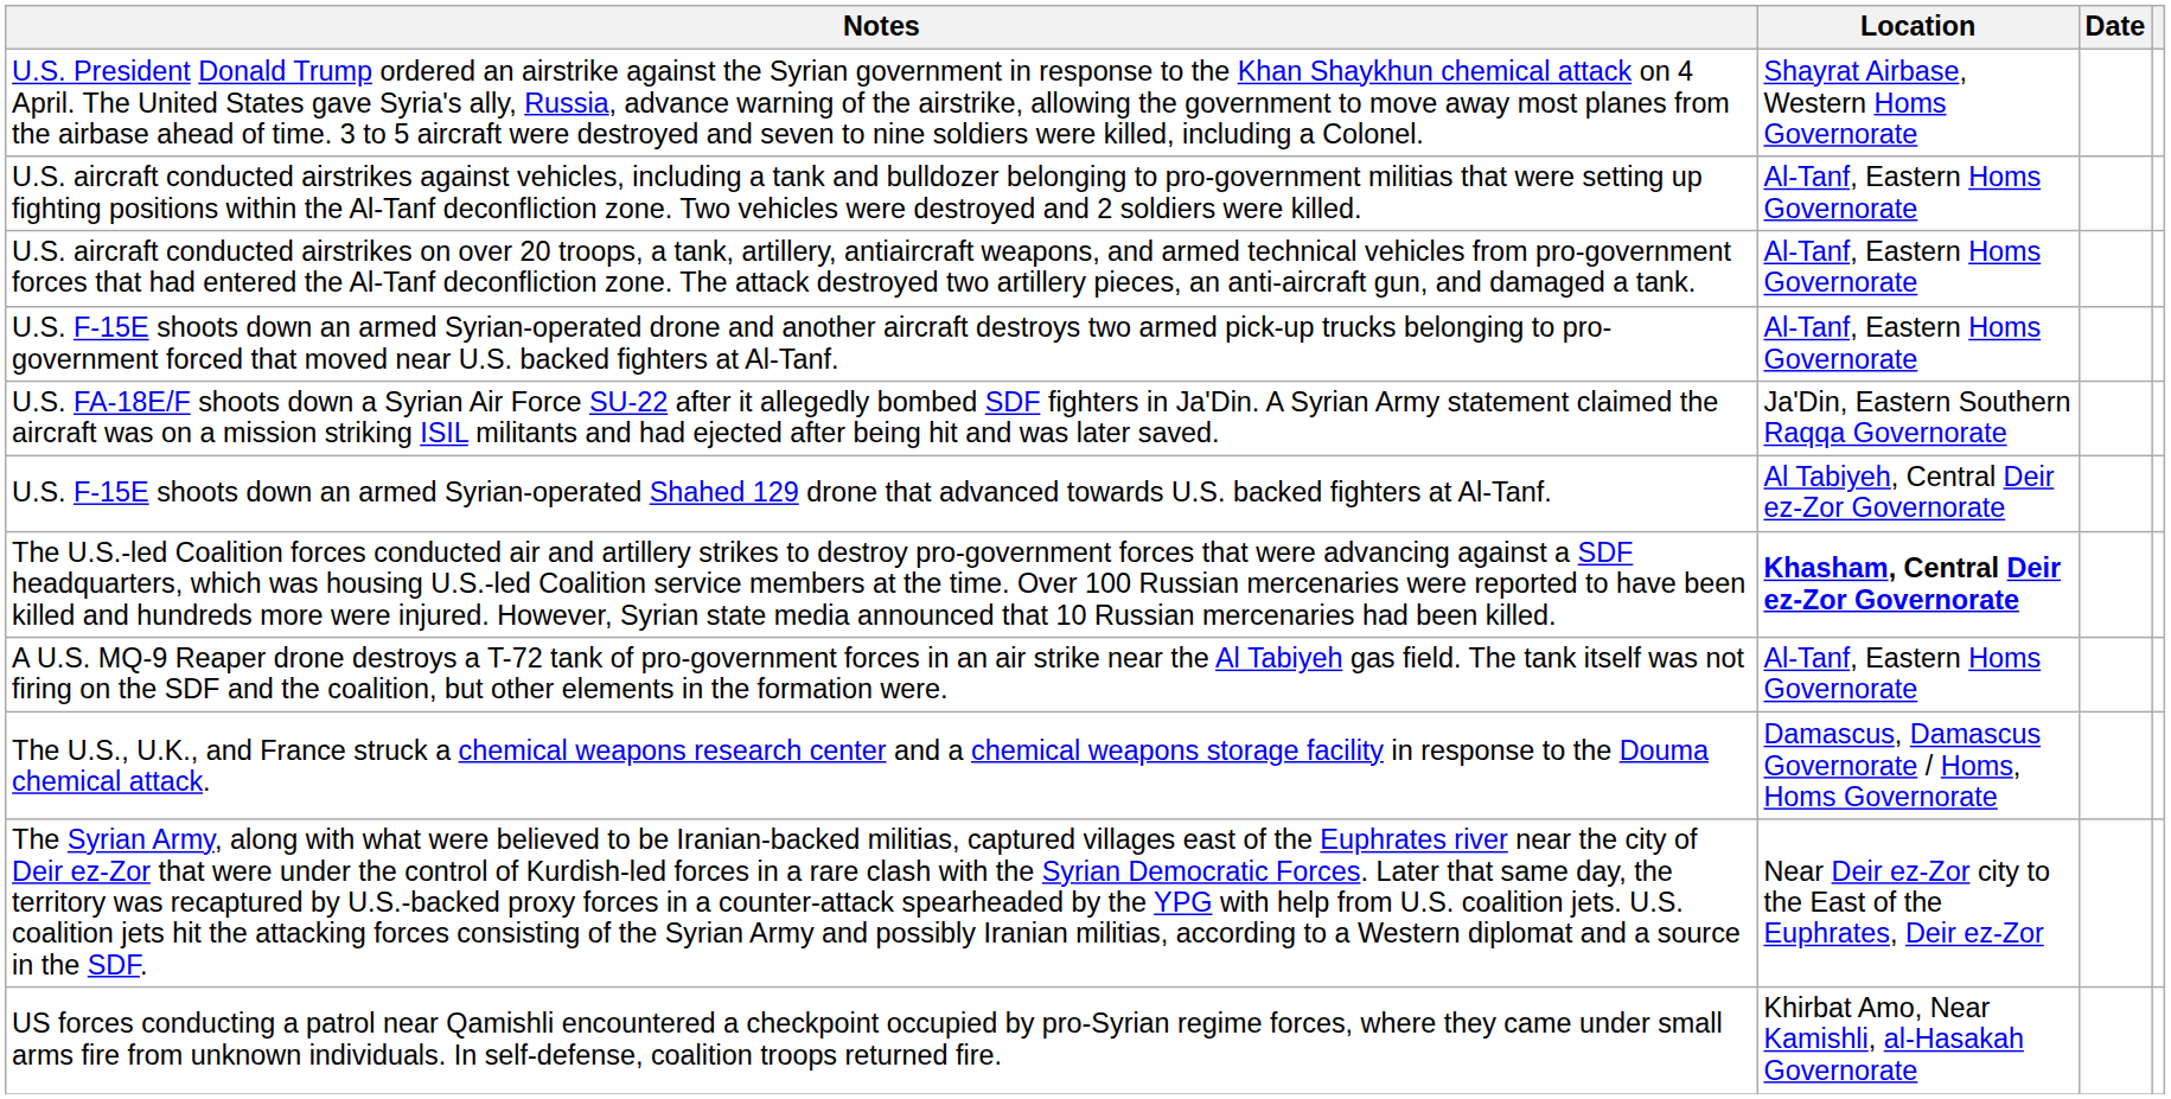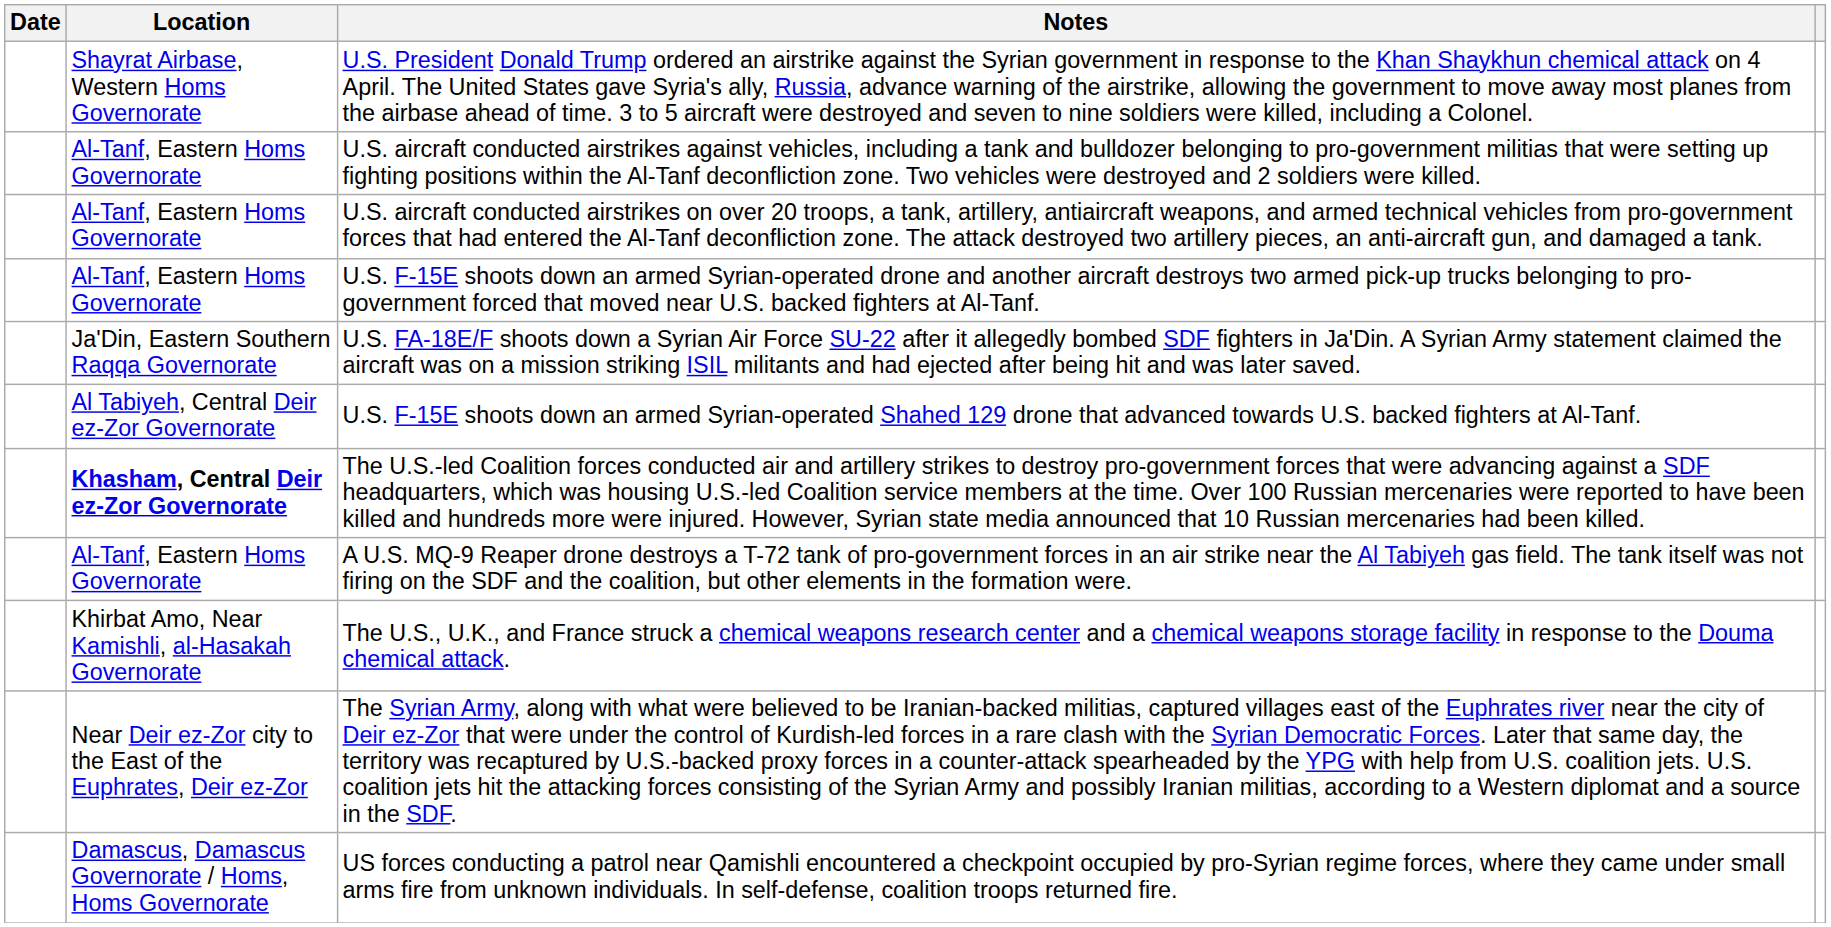 <table class="sortable wikitable" style="background:white; text-align:left;">
 <tr>
+<th>Date</th>
+<th>Location</th>
 <th>Notes</th>
-<th>Location</th>
-<th>Date</th>
 <th></th>
 </tr>
 <tr>
+<td></td>
+<td><a href='#'>Shayrat Airbase</a>, Western <a href='#'>Homs Governorate</a></td>
 <td> <a href='#'>U.S. President</a> <a href='#'>Donald Trump</a> ordered an airstrike against the Syrian government in response to the <a href='#'>Khan Shaykhun chemical attack</a> on 4 April. The United States gave Syria's ally, <a href='#'>Russia</a>, advance warning of the airstrike, allowing the government to move away most planes from the airbase ahead of time. 3 to 5 aircraft were destroyed and seven to nine soldiers were killed, including a Colonel.</td>
-<td><a href='#'>Shayrat Airbase</a>, Western <a href='#'>Homs Governorate</a></td>
-<td></td>
 <td></td>
 </tr>
 <tr>
+<td></td>
+<td><a href='#'>Al-Tanf</a>, Eastern <a href='#'>Homs Governorate</a></td>
 <td> U.S. aircraft conducted airstrikes against vehicles, including a tank and bulldozer belonging to pro-government militias that were setting up fighting positions within the Al-Tanf deconfliction zone. Two vehicles were destroyed and 2 soldiers were killed.</td>
-<td><a href='#'>Al-Tanf</a>, Eastern <a href='#'>Homs Governorate</a></td>
-<td></td>
 <td></td>
 </tr>
 <tr>
+<td></td>
+<td><a href='#'>Al-Tanf</a>, Eastern <a href='#'>Homs Governorate</a></td>
 <td>U.S. aircraft conducted airstrikes on over 20 troops, a tank, artillery, antiaircraft weapons, and armed technical vehicles from pro-government forces that had entered the  Al-Tanf deconfliction zone. The attack destroyed two artillery pieces, an anti-aircraft gun, and damaged a tank.</td>
-<td><a href='#'>Al-Tanf</a>, Eastern <a href='#'>Homs Governorate</a></td>
-<td></td>
 <td></td>
 </tr>
 <tr>
+<td></td>
+<td><a href='#'>Al-Tanf</a>, Eastern <a href='#'>Homs Governorate</a></td>
 <td>U.S. <a href='#'>F-15E</a> shoots down an armed Syrian-operated drone and another aircraft destroys two armed pick-up trucks belonging to pro-government forced that moved near U.S. backed fighters at Al-Tanf.</td>
-<td><a href='#'>Al-Tanf</a>, Eastern <a href='#'>Homs Governorate</a></td>
-<td></td>
 <td></td>
 </tr>
 <tr>
+<td></td>
+<td>Ja'Din, Eastern Southern <a href='#'>Raqqa Governorate</a></td>
 <td> U.S. <a href='#'>FA-18E/F</a> shoots down a Syrian Air Force <a href='#'>SU-22</a> after it allegedly bombed <a href='#'>SDF</a> fighters in Ja'Din. A Syrian Army statement claimed the aircraft was on a mission striking <a href='#'>ISIL</a> militants and had ejected after being hit and was later saved.</td>
-<td>Ja'Din, Eastern Southern <a href='#'>Raqqa Governorate</a></td>
-<td></td>
 <td></td>
 </tr>
 <tr>
+<td></td>
+<td><a href='#'>Al Tabiyeh</a>, Central <a href='#'>Deir ez-Zor Governorate</a></td>
 <td>U.S. <a href='#'>F-15E</a> shoots down an armed Syrian-operated <a href='#'>Shahed 129</a> drone that advanced towards U.S. backed fighters at Al-Tanf.</td>
-<td><a href='#'>Al Tabiyeh</a>, Central <a href='#'>Deir ez-Zor Governorate</a></td>
-<td></td>
 <td></td>
 </tr>
 <tr>
+<td></td>
+<td><strong><a href='#'>Khasham</a>, Central <a href='#'>Deir ez-Zor Governorate</a></strong></td>
 <td>The U.S.-led Coalition forces conducted air and artillery strikes to destroy pro-government forces that were advancing against a <a href='#'>SDF</a> headquarters, which was housing U.S.-led Coalition service members at the time. Over 100 Russian mercenaries were reported to have been killed and hundreds more were injured. However, Syrian state media announced that 10 Russian mercenaries had been killed.</td>
-<td><strong><a href='#'>Khasham</a>, Central <a href='#'>Deir ez-Zor Governorate</a></strong></td>
-<td></td>
 <td></td>
 </tr>
 <tr>
+<td></td>
+<td><a href='#'>Al-Tanf</a>, Eastern <a href='#'>Homs Governorate</a></td>
 <td>A U.S. MQ-9 Reaper drone destroys a T-72 tank of pro-government forces in an air strike near the <a href='#'>Al Tabiyeh</a> gas field. The tank itself was not firing on the SDF and the coalition, but other elements in the formation were.</td>
-<td><a href='#'>Al-Tanf</a>, Eastern <a href='#'>Homs Governorate</a></td>
-<td></td>
 <td></td>
 </tr>
 <tr>
+<td></td>
+<td>Khirbat Amo, Near <a href='#'>Kamishli</a>, <a href='#'>al-Hasakah Governorate</a></td>
 <td>The U.S., U.K., and France struck a <a href='#'>chemical weapons research center</a> and a <a href='#'>chemical weapons storage facility</a> in response to the <a href='#'>Douma chemical attack</a>.</td>
-<td><a href='#'>Damascus</a>, <a href='#'>Damascus Governorate</a> / <a href='#'>Homs</a>, <a href='#'>Homs Governorate</a></td>
-<td></td>
 <td></td>
 </tr>
 <tr>
+<td></td>
+<td>Near <a href='#'>Deir ez-Zor</a> city to the East of the <a href='#'>Euphrates</a>, <a href='#'>Deir ez-Zor</a></td>
 <td>The <a href='#'>Syrian Army</a>, along with what were believed to be Iranian-backed militias, captured villages east of the <a href='#'>Euphrates river</a> near the city of <a href='#'>Deir ez-Zor</a> that were under the control of Kurdish-led forces in a rare clash with the <a href='#'>Syrian Democratic Forces</a>. Later that same day, the territory was recaptured by U.S.-backed proxy forces in a counter-attack spearheaded by the <a href='#'>YPG</a> with help from U.S. coalition jets. U.S. coalition jets hit the attacking forces consisting of the Syrian Army and possibly Iranian militias, according to a Western diplomat and a source in the <a href='#'>SDF</a>.</td>
-<td>Near <a href='#'>Deir ez-Zor</a> city to the East of the <a href='#'>Euphrates</a>, <a href='#'>Deir ez-Zor</a></td>
-<td></td>
 <td></td>
 </tr>
 <tr>
+<td></td>
+<td><a href='#'>Damascus</a>, <a href='#'>Damascus Governorate</a> / <a href='#'>Homs</a>, <a href='#'>Homs Governorate</a></td>
 <td>US forces conducting a patrol near Qamishli encountered a checkpoint occupied by pro-Syrian regime forces, where they came under small arms fire from unknown individuals. In self-defense, coalition troops returned fire.</td>
-<td>Khirbat Amo, Near <a href='#'>Kamishli</a>, <a href='#'>al-Hasakah Governorate</a></td>
-<td></td>
 <td></td>
 </tr>
 </table>
